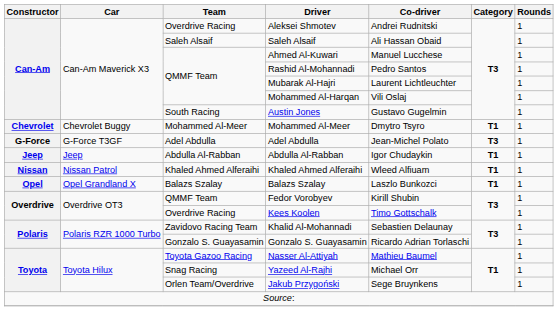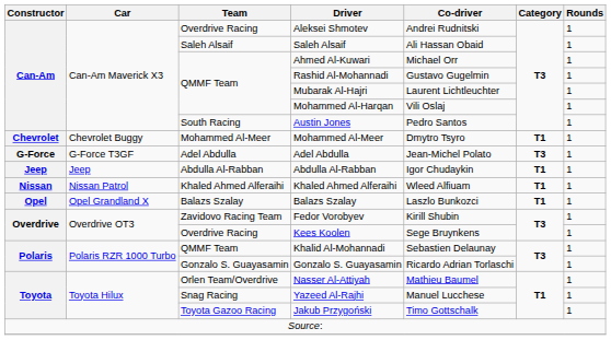 <table class="wikitable" style="font-size: 85%">
 <tr>
 <th>Constructor</th>
 <th>Car</th>
 <th>Team</th>
 <th>Driver</th>
 <th>Co-driver</th>
 <th>Category</th>
 <th>Rounds</th>
 </tr>
 <tr>
 <th rowspan=7><a href='#'>Can-Am</a></th>
 <td rowspan=7>Can-Am Maverick X3</td>
 <td> Overdrive Racing</td>
 <td> Aleksei Shmotev</td>
 <td> Andrei Rudnitski</td>
 <td rowspan=7 align="center"><strong><span>T3</span></strong></td>
 <td>1</td>
 </tr>
 <tr>
 <td> Saleh Alsaif</td>
 <td> Saleh Alsaif</td>
 <td> Ali Hassan Obaid</td>
 <td>1</td>
 </tr>
 <tr>
 <td rowspan=4> QMMF Team</td>
 <td> Ahmed Al-Kuwari</td>
-<td> Manuel Lucchese</td>
+<td> Michael Orr</td>
 <td>1</td>
 </tr>
 <tr>
 <td> Rashid Al-Mohannadi</td>
-<td> Pedro Santos</td>
+<td> Gustavo Gugelmin</td>
 <td>1</td>
 </tr>
 <tr>
 <td> Mubarak Al-Hajri</td>
 <td> Laurent Lichtleuchter</td>
 <td>1</td>
 </tr>
 <tr>
 <td> Mohammed Al-Harqan</td>
 <td> Vili Oslaj</td>
 <td>1</td>
 </tr>
 <tr>
 <td> South Racing</td>
 <td> <a href='#'>Austin Jones</a></td>
-<td> Gustavo Gugelmin</td>
+<td> Pedro Santos</td>
 <td>1</td>
 </tr>
 <tr>
 <th rowspan=1><a href='#'>Chevrolet</a></th>
 <td rowspan=1>Chevrolet Buggy</td>
 <td> Mohammed Al-Meer</td>
 <td> Mohammed Al-Meer</td>
 <td> Dmytro Tsyro</td>
 <td rowspan=1 align="center"><strong><span>T1</span></strong></td>
 <td>1</td>
 </tr>
 <tr>
 <th rowspan=1>G-Force</th>
 <td rowspan=1>G-Force T3GF</td>
 <td> Adel Abdulla</td>
 <td> Adel Abdulla</td>
 <td> Jean-Michel Polato</td>
 <td rowspan=1 align="center"><strong><span>T3</span></strong></td>
 <td>1</td>
 </tr>
 <tr>
 <th rowspan=1><a href='#'>Jeep</a></th>
 <td rowspan=1><a href='#'>Jeep</a></td>
 <td> Abdulla Al-Rabban</td>
 <td> Abdulla Al-Rabban</td>
 <td> Igor Chudaykin</td>
 <td rowspan=1 align="center"><strong><span>T1</span></strong></td>
 <td>1</td>
 </tr>
 <tr>
 <th rowspan=1><a href='#'>Nissan</a></th>
 <td rowspan=1><a href='#'>Nissan Patrol</a></td>
 <td> Khaled Ahmed Alferaihi</td>
 <td> Khaled Ahmed Alferaihi</td>
 <td> Wleed Alfiuam</td>
 <td rowspan=1 align="center"><strong><span>T1</span></strong></td>
 <td>1</td>
 </tr>
 <tr>
 <th rowspan=1><a href='#'>Opel</a></th>
 <td rowspan=1><a href='#'>Opel Grandland X</a></td>
 <td> Balazs Szalay</td>
 <td> Balazs Szalay</td>
 <td> Laszlo Bunkozci</td>
 <td rowspan=1 align="center"><strong><span>T1</span></strong></td>
 <td>1</td>
 </tr>
 <tr>
 <th rowspan=2>Overdrive</th>
 <td rowspan=2>Overdrive OT3</td>
-<td> QMMF Team</td>
+<td> Zavidovo Racing Team</td>
 <td> Fedor Vorobyev</td>
 <td> Kirill Shubin</td>
 <td rowspan=2 align="center"><strong><span>T3</span></strong></td>
 <td>1</td>
 </tr>
 <tr>
 <td> Overdrive Racing</td>
 <td> <a href='#'>Kees Koolen</a></td>
-<td> <a href='#'>Timo Gottschalk</a></td>
+<td> Sege Bruynkens</td>
 <td>1</td>
 </tr>
 <tr>
 <th rowspan=2><a href='#'>Polaris</a></th>
 <td rowspan=2><a href='#'>Polaris RZR 1000 Turbo</a></td>
-<td> Zavidovo Racing Team</td>
+<td> QMMF Team</td>
 <td> Khalid Al-Mohannadi</td>
 <td> Sebastien Delaunay</td>
 <td rowspan=2 align="center"><strong><span>T3</span></strong></td>
 <td>1</td>
 </tr>
 <tr>
 <td> Gonzalo S. Guayasamin</td>
 <td> Gonzalo S. Guayasamin</td>
 <td> Ricardo Adrian Torlaschi</td>
 <td>1</td>
 </tr>
 <tr>
 <th rowspan=3><a href='#'>Toyota</a></th>
 <td rowspan=3><a href='#'>Toyota Hilux</a></td>
-<td> <a href='#'>Toyota Gazoo Racing</a></td>
+<td> Orlen Team/Overdrive</td>
 <td> <a href='#'>Nasser Al-Attiyah</a></td>
 <td> <a href='#'>Mathieu Baumel</a></td>
 <td rowspan=3 align="center"><strong><span>T1</span></strong></td>
 <td>1</td>
 </tr>
 <tr>
 <td> Snag Racing</td>
 <td> <a href='#'>Yazeed Al-Rajhi</a></td>
-<td> Michael Orr</td>
+<td> Manuel Lucchese</td>
 <td>1</td>
 </tr>
 <tr>
-<td> Orlen Team/Overdrive</td>
+<td> <a href='#'>Toyota Gazoo Racing</a></td>
 <td> <a href='#'>Jakub Przygoński</a></td>
-<td> Sege Bruynkens</td>
+<td> <a href='#'>Timo Gottschalk</a></td>
 <td>1</td>
 </tr>
 <tr>
 <td colspan=7 align=center><em>Source</em>:</td>
 </tr>
 <tr>
 </tr>
 </table>
